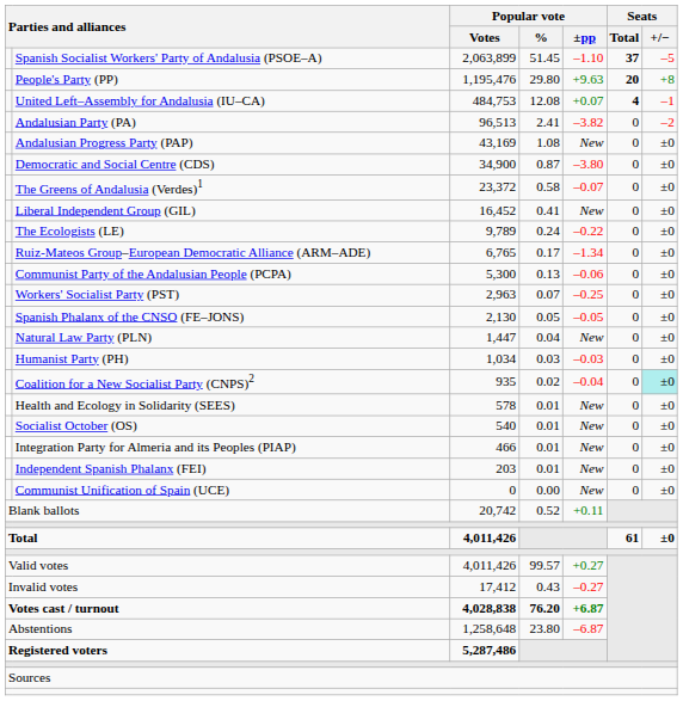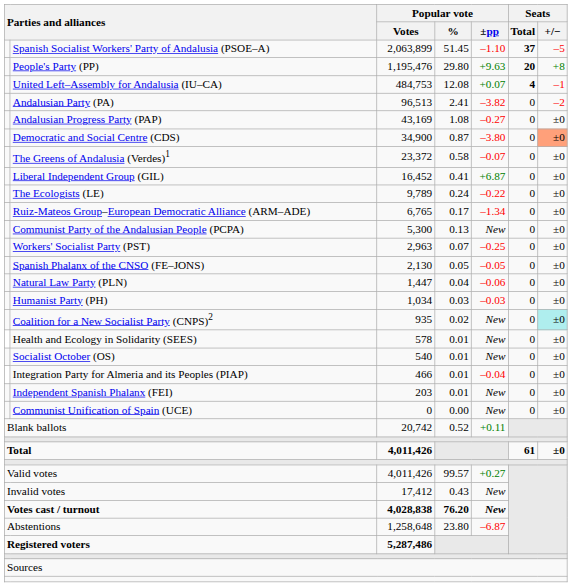 <table class="wikitable" style="text-align:right;">
 <tr>
 <th style="text-align:left;" rowspan="2" colspan="2" width="525">Parties and alliances</th>
 <th colspan="3">Popular vote</th>
 <th colspan="2">Seats</th>
 </tr>
 <tr>
 <th width="75">Votes</th>
 <th width="45">%</th>
 <th width="45">±<a href='#'>pp</a></th>
 <th width="35">Total</th>
 <th width="35">+/−</th>
 </tr>
 <tr>
 <td width="1" style="color:inherit;background:"></td>
 <td align="left"><a href='#'>Spanish Socialist Workers' Party of Andalusia</a> (PSOE–A)</td>
 <td>2,063,899</td>
 <td>51.45</td>
 <td style="color:red;">–1.10</td>
 <td><strong>37</strong></td>
 <td style="color:red;">–5</td>
 </tr>
 <tr>
 <td style="color:inherit;background:"></td>
 <td align="left"><a href='#'>People's Party</a> (PP)</td>
 <td>1,195,476</td>
 <td>29.80</td>
 <td style="color:green;">+9.63</td>
 <td><strong>20</strong></td>
 <td style="color:green;">+8</td>
 </tr>
 <tr>
 <td style="color:inherit;background:"></td>
 <td align="left"><a href='#'>United Left–Assembly for Andalusia</a> (IU–CA)</td>
 <td>484,753</td>
 <td>12.08</td>
 <td style="color:green;">+0.07</td>
 <td><strong>4</strong></td>
 <td style="color:red;">–1</td>
 </tr>
 <tr>
 <td style="color:inherit;background:"></td>
 <td align="left"><a href='#'>Andalusian Party</a> (PA)</td>
 <td>96,513</td>
 <td>2.41</td>
 <td style="color:red;">–3.82</td>
 <td>0</td>
 <td style="color:red;">–2</td>
 </tr>
 <tr>
 <td style="color:inherit;background:"></td>
 <td align="left"><a href='#'>Andalusian Progress Party</a> (PAP)</td>
 <td>43,169</td>
 <td>1.08</td>
-<td><em>New</em></td>
+<td style="color:red;">–0.27</td>
 <td>0</td>
 <td>±0</td>
 </tr>
 <tr>
 <td style="color:inherit;background:"></td>
 <td align="left"><a href='#'>Democratic and Social Centre</a> (CDS)</td>
 <td>34,900</td>
 <td>0.87</td>
 <td style="color:red;">–3.80</td>
 <td>0</td>
-<td>±0</td>
+<td style="background: lightsalmon;">±0</td>
 </tr>
 <tr>
 <td style="color:inherit;background:"></td>
 <td align="left"><a href='#'>The Greens of Andalusia</a> (Verdes)<sup>1</sup></td>
 <td>23,372</td>
 <td>0.58</td>
 <td style="color:red;">–0.07</td>
 <td>0</td>
 <td>±0</td>
 </tr>
 <tr>
 <td style="color:inherit;background:"></td>
 <td align="left"><a href='#'>Liberal Independent Group</a> (GIL)</td>
 <td>16,452</td>
 <td>0.41</td>
-<td><em>New</em></td>
+<td style="color:green;">+6.87</td>
 <td>0</td>
 <td>±0</td>
 </tr>
 <tr>
 <td style="color:inherit;background:"></td>
 <td align="left"><a href='#'>The Ecologists</a> (LE)</td>
 <td>9,789</td>
 <td>0.24</td>
 <td style="color:red;">–0.22</td>
 <td>0</td>
 <td>±0</td>
 </tr>
 <tr>
 <td style="color:inherit;background:"></td>
 <td align="left"><a href='#'>Ruiz-Mateos Group</a>–<a href='#'>European Democratic Alliance</a> (ARM–ADE)</td>
 <td>6,765</td>
 <td>0.17</td>
 <td style="color:red;">–1.34</td>
 <td>0</td>
 <td>±0</td>
 </tr>
 <tr>
 <td style="color:inherit;background:"></td>
 <td align="left"><a href='#'>Communist Party of the Andalusian People</a> (PCPA)</td>
 <td>5,300</td>
 <td>0.13</td>
-<td style="color:red;">–0.06</td>
+<td><em>New</em></td>
 <td>0</td>
 <td>±0</td>
 </tr>
 <tr>
 <td style="color:inherit;background:"></td>
 <td align="left"><a href='#'>Workers' Socialist Party</a> (PST)</td>
 <td>2,963</td>
 <td>0.07</td>
 <td style="color:red;">–0.25</td>
 <td>0</td>
 <td>±0</td>
 </tr>
 <tr>
 <td style="color:inherit;background:"></td>
 <td align="left"><a href='#'>Spanish Phalanx of the CNSO</a> (FE–JONS)</td>
 <td>2,130</td>
 <td>0.05</td>
 <td style="color:red;">–0.05</td>
 <td>0</td>
 <td>±0</td>
 </tr>
 <tr>
 <td style="color:inherit;background:"></td>
 <td align="left"><a href='#'>Natural Law Party</a> (PLN)</td>
 <td>1,447</td>
 <td>0.04</td>
-<td><em>New</em></td>
+<td style="color:red;">–0.06</td>
 <td>0</td>
 <td>±0</td>
 </tr>
 <tr>
 <td style="color:inherit;background:"></td>
 <td align="left"><a href='#'>Humanist Party</a> (PH)</td>
 <td>1,034</td>
 <td>0.03</td>
 <td style="color:red;">–0.03</td>
 <td>0</td>
 <td>±0</td>
 </tr>
 <tr>
 <td style="color:inherit;background:"></td>
 <td align="left"><a href='#'>Coalition for a New Socialist Party</a> (CNPS)<sup>2</sup></td>
 <td>935</td>
 <td>0.02</td>
-<td style="color:red;">–0.04</td>
+<td><em>New</em></td>
 <td>0</td>
 <td style="background: paleturquoise;">±0</td>
 </tr>
 <tr>
 <td bgcolor="white"></td>
 <td align="left">Health and Ecology in Solidarity (SEES)</td>
 <td>578</td>
 <td>0.01</td>
 <td><em>New</em></td>
 <td>0</td>
 <td>±0</td>
 </tr>
 <tr>
 <td style="color:inherit;background:"></td>
 <td align="left"><a href='#'>Socialist October</a> (OS)</td>
 <td>540</td>
 <td>0.01</td>
 <td><em>New</em></td>
 <td>0</td>
 <td>±0</td>
 </tr>
 <tr>
 <td bgcolor="white"></td>
 <td align="left">Integration Party for Almeria and its Peoples (PIAP)</td>
 <td>466</td>
 <td>0.01</td>
-<td><em>New</em></td>
+<td style="color:red;">–0.04</td>
 <td>0</td>
 <td>±0</td>
 </tr>
 <tr>
 <td style="color:inherit;background:"></td>
 <td align="left"><a href='#'>Independent Spanish Phalanx</a> (FEI)</td>
 <td>203</td>
 <td>0.01</td>
 <td><em>New</em></td>
 <td>0</td>
 <td>±0</td>
 </tr>
 <tr>
 <td style="color:inherit;background:"></td>
 <td align="left"><a href='#'>Communist Unification of Spain</a> (UCE)</td>
 <td>0</td>
 <td>0.00</td>
 <td><em>New</em></td>
 <td>0</td>
 <td>±0</td>
 </tr>
 <tr>
 <td align="left" colspan="2">Blank ballots</td>
 <td>20,742</td>
 <td>0.52</td>
 <td style="color:green;">+0.11</td>
 <td bgcolor="#E9E9E9" colspan="2"></td>
 </tr>
 <tr>
 <td colspan="7" bgcolor="#E9E9E9"></td>
 </tr>
 <tr style="font-weight:bold;">
 <td align="left" colspan="2">Total</td>
 <td>4,011,426</td>
 <td bgcolor="#E9E9E9" colspan="2"></td>
 <td>61</td>
 <td>±0</td>
 </tr>
 <tr>
 <td colspan="7" bgcolor="#E9E9E9"></td>
 </tr>
 <tr>
 <td align="left" colspan="2">Valid votes</td>
 <td>4,011,426</td>
 <td>99.57</td>
 <td style="color:green;">+0.27</td>
 <td bgcolor="#E9E9E9" colspan="2" rowspan="5"></td>
 </tr>
 <tr>
 <td align="left" colspan="2">Invalid votes</td>
 <td>17,412</td>
 <td>0.43</td>
-<td style="color:red;">–0.27</td>
+<td><em>New</em></td>
 </tr>
 <tr style="font-weight:bold;">
 <td align="left" colspan="2">Votes cast / turnout</td>
 <td>4,028,838</td>
 <td>76.20</td>
-<td style="color:green;">+6.87</td>
+<td><em>New</em></td>
 </tr>
 <tr>
 <td align="left" colspan="2">Abstentions</td>
 <td>1,258,648</td>
 <td>23.80</td>
 <td style="color:red;">–6.87</td>
 </tr>
 <tr style="font-weight:bold;">
 <td align="left" colspan="2">Registered voters</td>
 <td>5,287,486</td>
 <td bgcolor="#E9E9E9" colspan="2"></td>
 </tr>
 <tr>
 <td colspan="7" bgcolor="#E9E9E9"></td>
 </tr>
 <tr>
 <td align="left" colspan="7">Sources</td>
 </tr>
 <tr>
 <td colspan="7" style="text-align:left; max-width:790px;"></td>
 </tr>
 </table>
